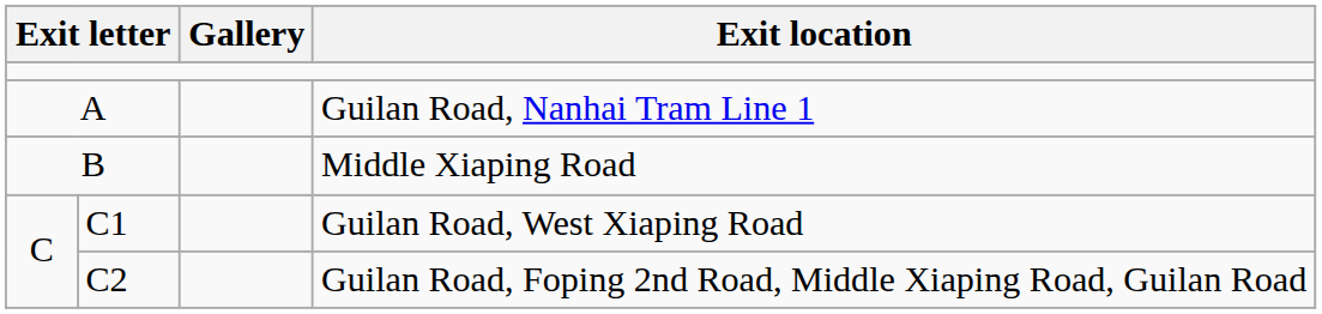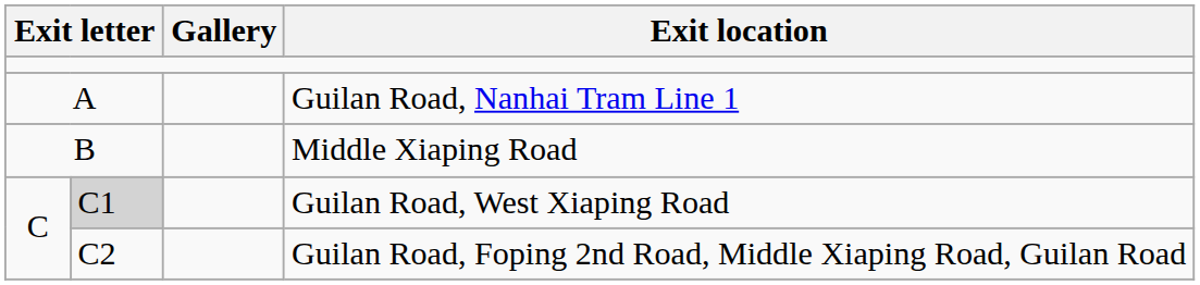 <table class="wikitable">
 <tr>
 <th style="width:70px" colspan=2>Exit letter</th>
 <th>Gallery</th>
 <th>Exit location</th>
 </tr>
 <tr style="background:#">
 <td colspan="4"></td>
 </tr>
 <tr>
 <td align=center colspan=2>A</td>
 <td></td>
 <td>Guilan Road, <a href='#'>Nanhai Tram Line 1</a></td>
 </tr>
 <tr>
 <td align=center colspan=2>B</td>
 <td></td>
 <td>Middle Xiaping Road</td>
 </tr>
 <tr>
 <td align=center rowspan=2>C</td>
-<td>C1</td>
+<td style="background: lightgrey;">C1</td>
 <td></td>
 <td>Guilan Road, West Xiaping Road</td>
 </tr>
 <tr>
 <td>C2</td>
 <td></td>
 <td>Guilan Road, Foping 2nd Road, Middle Xiaping Road, Guilan Road</td>
 </tr>
 </table>
